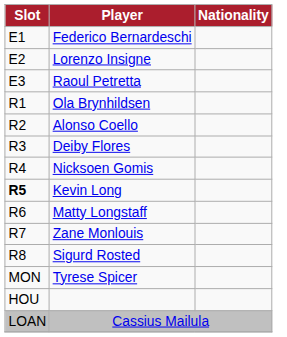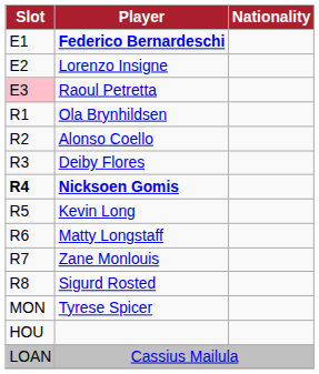 <table class="wikitable" style="text-align:left; margin-left:1em; font-size:90%;">
 <tr>
 <th style="background:#AB1E2D; color:white; text-align:center;">Slot</th>
 <th style="background:#AB1E2D; color:white; text-align:center;">Player</th>
 <th style="background:#AB1E2D; color:white; text-align:center;">Nationality</th>
 </tr>
 <tr>
 <td>E1</td>
-<td><a href='#'>Federico Bernardeschi</a></td>
+<td><strong><a href='#'>Federico Bernardeschi</a></strong></td>
 <td></td>
 </tr>
 <tr>
 <td>E2</td>
 <td><a href='#'>Lorenzo Insigne</a></td>
 <td></td>
 </tr>
 <tr>
-<td>E3</td>
+<td style="background: pink;">E3</td>
 <td><a href='#'>Raoul Petretta</a></td>
 <td></td>
 </tr>
 <tr>
 <td>R1</td>
 <td><a href='#'>Ola Brynhildsen</a></td>
 <td></td>
 </tr>
 <tr>
 <td>R2</td>
 <td><a href='#'>Alonso Coello</a></td>
 <td></td>
 </tr>
 <tr>
 <td>R3</td>
 <td><a href='#'>Deiby Flores</a></td>
 <td></td>
 </tr>
 <tr>
-<td>R4</td>
-<td><a href='#'>Nicksoen Gomis</a></td>
+<td><strong>R4</strong></td>
+<td><strong><a href='#'>Nicksoen Gomis</a></strong></td>
 <td></td>
 </tr>
 <tr>
-<td><strong>R5</strong></td>
+<td>R5</td>
 <td><a href='#'>Kevin Long</a></td>
 <td></td>
 </tr>
 <tr>
 <td>R6</td>
 <td><a href='#'>Matty Longstaff</a></td>
 <td></td>
 </tr>
 <tr>
 <td>R7</td>
 <td><a href='#'>Zane Monlouis</a></td>
 <td></td>
 </tr>
 <tr>
 <td>R8</td>
 <td><a href='#'>Sigurd Rosted</a></td>
 <td></td>
 </tr>
 <tr>
 <td>MON</td>
 <td><a href='#'>Tyrese Spicer</a></td>
 <td></td>
 </tr>
 <tr>
 <td>HOU</td>
 <td></td>
 <td></td>
 </tr>
 <tr>
 <td bgcolor=#C0C0C0>LOAN</td>
 <td colspan=2 style="text-align: center;" bgcolor=#C0C0C0> <a href='#'>Cassius Mailula</a></td>
 </tr>
 <tr>
 </tr>
 </table>
